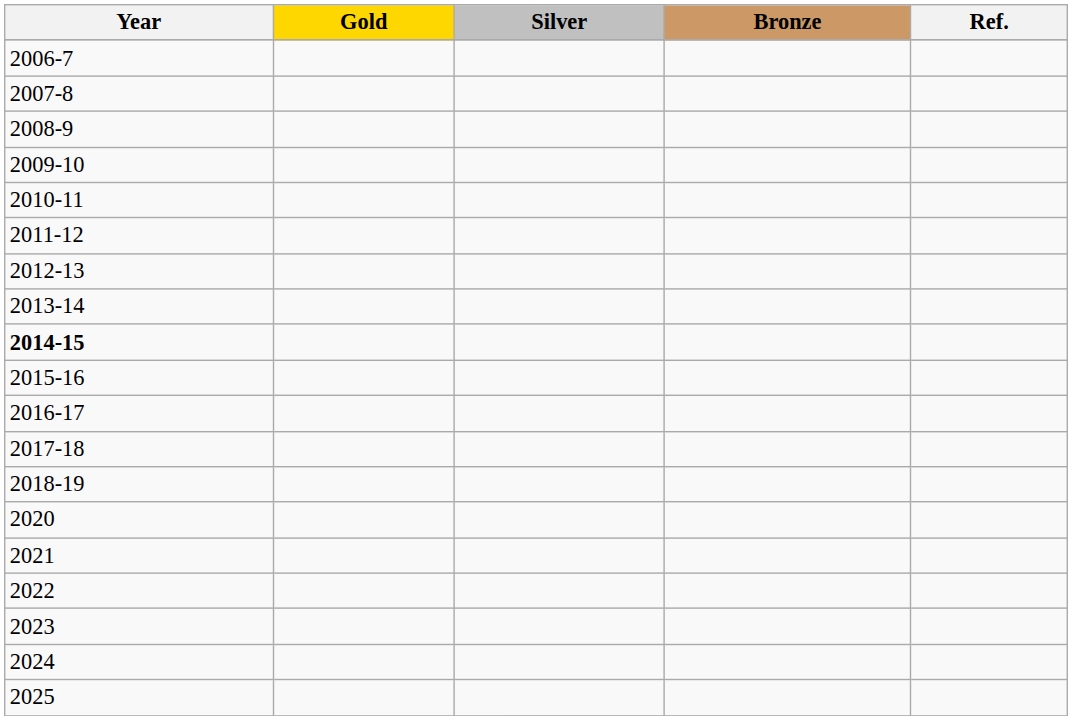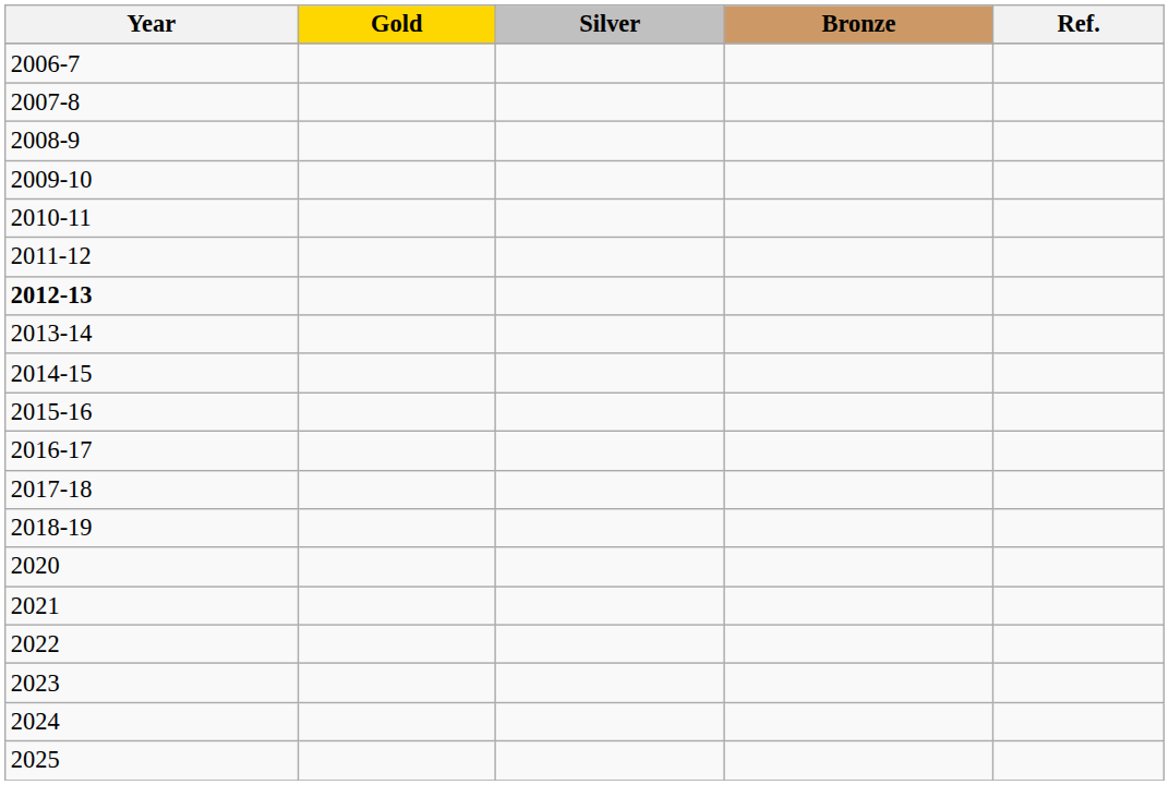 <table class="wikitable sortable" style="width: 760px;">
 <tr>
 <th scope=col>Year</th>
 <th scope=col style="background-color:Gold">Gold</th>
 <th scope=col style="background-color:Silver">Silver</th>
 <th scope=col style="background-color:#cc9966">Bronze</th>
 <th class=unsortable>Ref.</th>
 </tr>
 <tr>
 </tr>
 <tr>
 <td>2006-7</td>
 <td></td>
 <td></td>
 <td></td>
 <td></td>
 </tr>
 <tr>
 <td>2007-8</td>
 <td></td>
 <td></td>
 <td></td>
 <td></td>
 </tr>
 <tr>
 <td>2008-9</td>
 <td></td>
 <td></td>
 <td></td>
 <td></td>
 </tr>
 <tr>
 <td>2009-10</td>
 <td></td>
 <td></td>
 <td></td>
 <td></td>
 </tr>
 <tr>
 <td>2010-11</td>
 <td></td>
 <td></td>
 <td></td>
 <td></td>
 </tr>
 <tr>
 <td>2011-12</td>
 <td></td>
 <td></td>
 <td></td>
 <td></td>
 </tr>
 <tr>
-<td>2012-13</td>
+<td><strong>2012-13</strong></td>
 <td></td>
 <td></td>
 <td></td>
 <td></td>
 </tr>
 <tr>
 <td>2013-14</td>
 <td></td>
 <td></td>
 <td></td>
 <td></td>
 </tr>
 <tr>
-<td><strong>2014-15</strong></td>
+<td>2014-15</td>
 <td></td>
 <td></td>
 <td></td>
 <td></td>
 </tr>
 <tr>
 <td>2015-16</td>
 <td></td>
 <td></td>
 <td></td>
 <td></td>
 </tr>
 <tr>
 <td>2016-17</td>
 <td></td>
 <td></td>
 <td></td>
 <td></td>
 </tr>
 <tr>
 <td>2017-18</td>
 <td></td>
 <td></td>
 <td></td>
 <td></td>
 </tr>
 <tr>
 <td>2018-19</td>
 <td></td>
 <td></td>
 <td></td>
 <td></td>
 </tr>
 <tr>
 <td>2020</td>
 <td></td>
 <td></td>
 <td></td>
 <td></td>
 </tr>
 <tr>
 <td>2021</td>
 <td></td>
 <td></td>
 <td></td>
 <td></td>
 </tr>
 <tr>
 <td>2022</td>
 <td></td>
 <td></td>
 <td></td>
 <td></td>
 </tr>
 <tr>
 <td>2023</td>
 <td></td>
 <td></td>
 <td></td>
 <td></td>
 </tr>
 <tr>
 <td>2024</td>
 <td></td>
 <td></td>
 <td></td>
 <td></td>
 </tr>
 <tr>
 <td>2025</td>
 <td></td>
 <td></td>
 <td></td>
 <td></td>
 </tr>
 </table>
